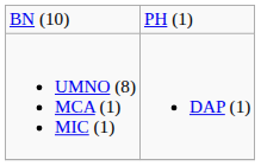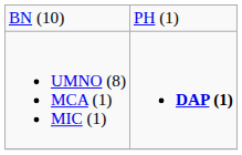 <table class="wikitable">
 <tr>
 <td> <a href='#'>BN</a> (10)</td>
 <td> <a href='#'>PH</a> (1)</td>
 </tr>
 <tr>
 <td><br><ul><li> <a href='#'>UMNO</a> (8)</li><li> <a href='#'>MCA</a> (1)</li><li> <a href='#'>MIC</a> (1)</li></ul></td>
-<td><br><ul><li> <a href='#'>DAP</a> (1)</li></ul></td>
+<td><strong><br><ul><li> <a href='#'>DAP</a> (1)</li></ul></strong></td>
 </tr>
 <tr>
 </tr>
 </table>
